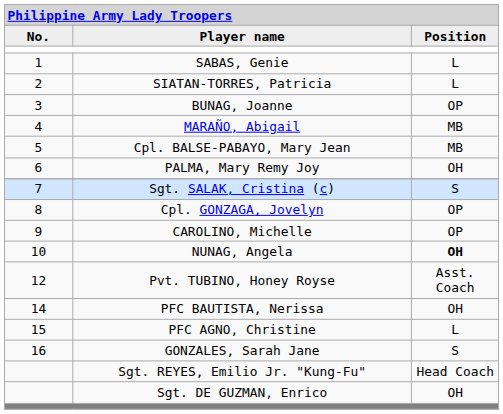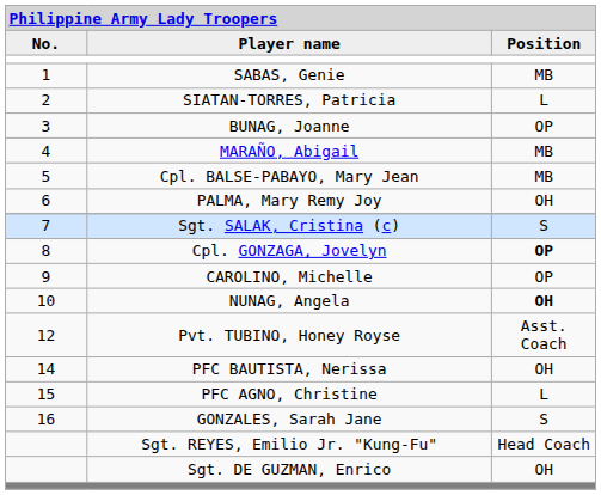 <table class='wikitable mw-collapsible mw-collapsed' style='text-align: center; width: 500px; border: none;'>
 <tr>
 <th style="background:#D4D4D4; text-align:left;" colspan=3> <a href='#'>Philippine Army Lady Troopers</a></th>
 </tr>
 <tr style="background:#EEEEEE; font-weight:bold;">
 <td width=10%>No.</td>
 <td width=50%>Player name</td>
 <td width=10%>Position</td>
 </tr>
 <tr style="background:#FFFFFF;">
 <td colspan=3 align=center></td>
 </tr>
 <tr>
 <td align=center>1</td>
 <td>SABAS, Genie</td>
-<td align=center>L</td>
+<td align=center>MB</td>
 </tr>
 <tr>
 <td align=center>2</td>
 <td>SIATAN-TORRES, Patricia</td>
 <td align=center>L</td>
 </tr>
 <tr>
 <td align=center>3</td>
 <td>BUNAG, Joanne</td>
 <td align=center>OP</td>
 </tr>
 <tr>
 <td align=center>4</td>
 <td><a href='#'>MARAÑO, Abigail</a></td>
 <td align=center>MB</td>
 </tr>
 <tr>
 <td align=center>5</td>
 <td>Cpl. BALSE-PABAYO, Mary Jean</td>
 <td align=center>MB</td>
 </tr>
 <tr>
 <td align=center>6</td>
 <td>PALMA, Mary Remy Joy</td>
 <td align=center>OH</td>
 </tr>
 <tr>
 </tr>
 <tr style="background: #D0E6FF">
 <td align=center>7</td>
 <td>Sgt. <a href='#'>SALAK, Cristina</a> (<a href='#'>c</a>)</td>
 <td align=center>S</td>
 </tr>
 <tr>
 <td align=center>8</td>
 <td>Cpl. <a href='#'>GONZAGA, Jovelyn</a></td>
-<td align=center>OP</td>
+<td align=center><strong>OP</strong></td>
 </tr>
 <tr>
 <td align=center>9</td>
 <td>CAROLINO, Michelle</td>
 <td align=center>OP</td>
 </tr>
 <tr>
 <td align=center>10</td>
 <td>NUNAG, Angela</td>
 <td align=center><strong>OH</strong></td>
 </tr>
 <tr>
 <td align=center>12</td>
 <td>Pvt. TUBINO, Honey Royse</td>
 <td align=center>Asst. Coach</td>
 </tr>
 <tr>
 <td align=center>14</td>
 <td>PFC BAUTISTA, Nerissa</td>
 <td align=center>OH</td>
 </tr>
 <tr>
 <td align=center>15</td>
 <td>PFC AGNO, Christine</td>
 <td align=center>L</td>
 </tr>
 <tr>
 <td align=center>16</td>
 <td>GONZALES, Sarah Jane</td>
 <td align=center>S</td>
 </tr>
 <tr>
 <td align=center></td>
 <td>Sgt. REYES, Emilio Jr. "Kung-Fu"</td>
 <td align=center>Head Coach</td>
 </tr>
 <tr>
 <td align=center></td>
 <td>Sgt. DE GUZMAN, Enrico</td>
 <td align=center>OH</td>
 </tr>
 <tr>
 <th style="background:gray;" colspan=3></th>
 </tr>
 <tr>
 </tr>
 </table>
